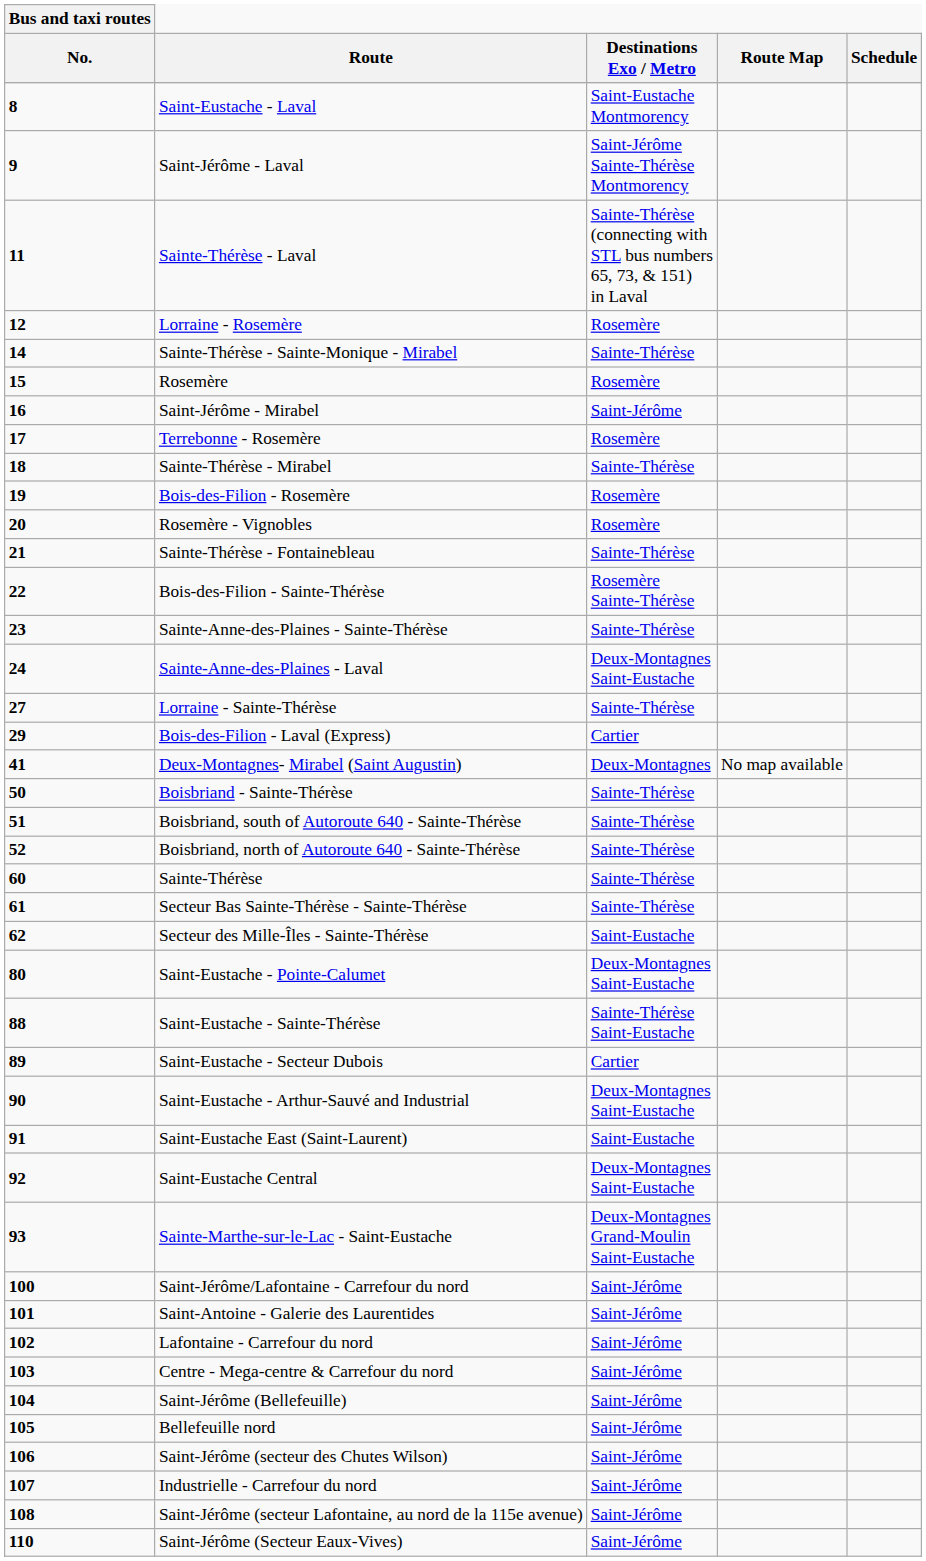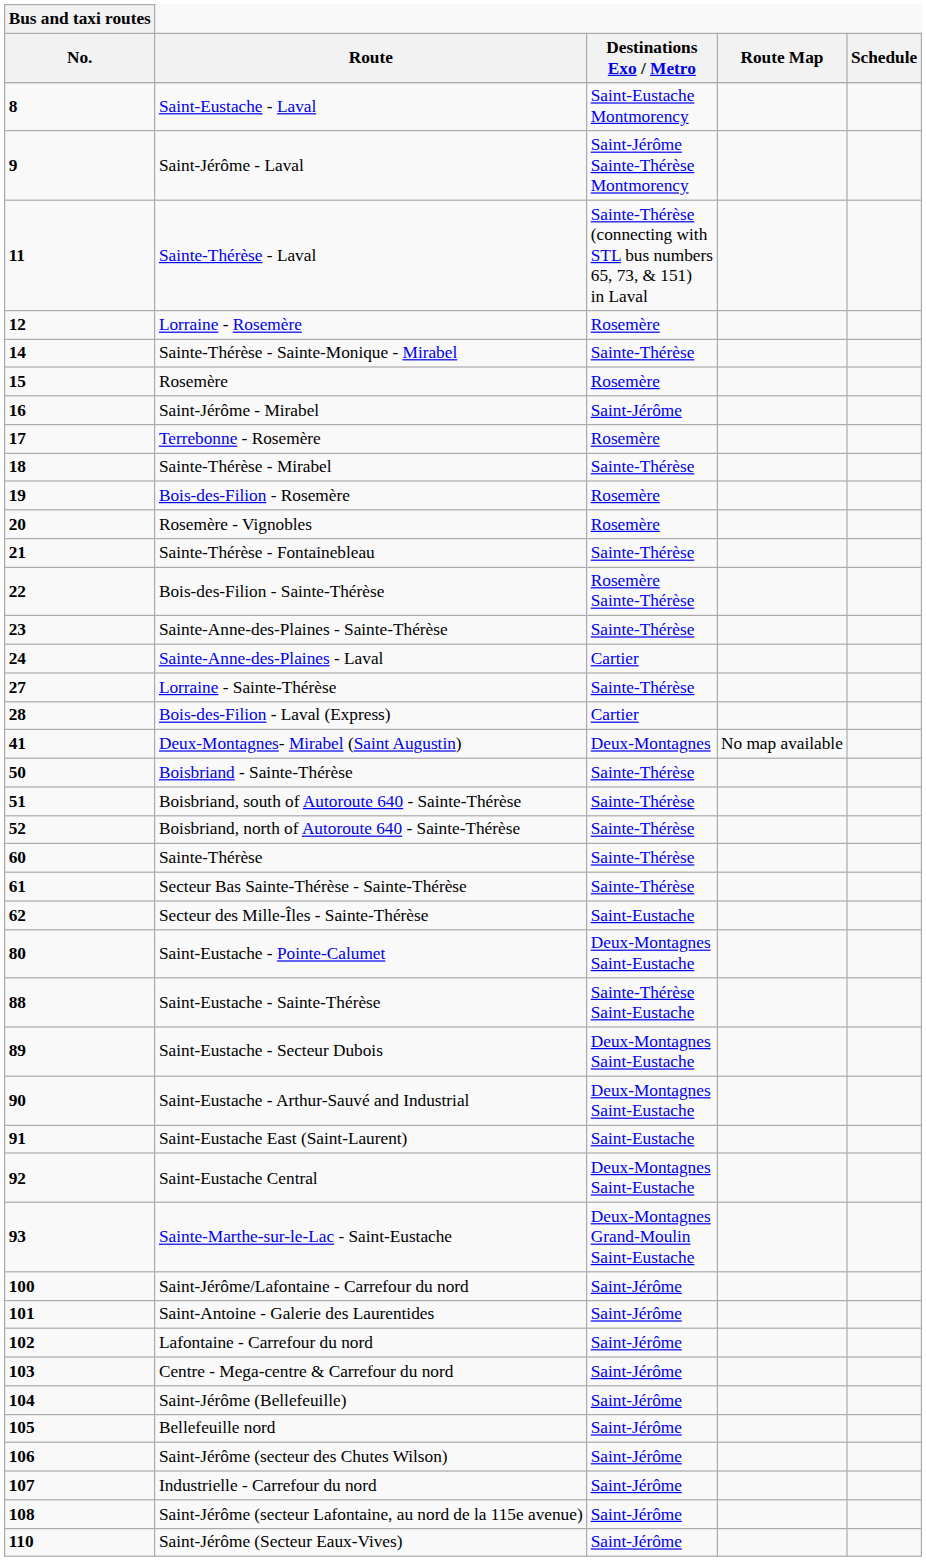 <table class="wikitable"  style="font-size:90%; border:1px;">
 <tr>
 <th style="background: #">Bus and taxi routes</th>
 </tr>
 <tr>
 <th>No.</th>
 <th>Route</th>
 <th>Destinations<br><a href='#'>Exo</a> / <a href='#'>Metro</a></th>
 <th>Route Map</th>
 <th>Schedule</th>
 </tr>
 <tr>
 </tr>
 <tr align="left">
 </tr>
 <tr>
 <td><strong>8</strong></td>
 <td><a href='#'>Saint-Eustache</a> - <a href='#'>Laval</a></td>
 <td><a href='#'>Saint-Eustache</a>  <br> <a href='#'>Montmorency</a></td>
 <td></td>
 <td></td>
 </tr>
 <tr>
 <td><strong>9</strong></td>
 <td>Saint-Jérôme - Laval</td>
 <td><a href='#'>Saint-Jérôme</a> <br><a href='#'>Sainte-Thérèse</a> <br><a href='#'>Montmorency</a></td>
 <td> <br> </td>
 <td></td>
 </tr>
 <tr>
 <td><strong>11</strong></td>
 <td><a href='#'>Sainte-Thérèse</a> - Laval</td>
 <td><a href='#'>Sainte-Thérèse</a><br>(connecting with<br><a href='#'>STL</a> bus numbers<br>65, 73, & 151)<br> in Laval</td>
 <td></td>
 <td></td>
 </tr>
 <tr>
 <td><strong>12</strong></td>
 <td><a href='#'>Lorraine</a> - <a href='#'>Rosemère</a></td>
 <td><a href='#'>Rosemère</a></td>
 <td></td>
 <td></td>
 </tr>
 <tr>
 <td><strong>14</strong></td>
 <td>Sainte-Thérèse - Sainte-Monique - <a href='#'>Mirabel</a></td>
 <td><a href='#'>Sainte-Thérèse</a></td>
 <td></td>
 <td></td>
 </tr>
 <tr>
 <td><strong>15</strong></td>
 <td>Rosemère</td>
 <td><a href='#'>Rosemère</a></td>
 <td></td>
 <td></td>
 </tr>
 <tr>
 <td><strong>16</strong></td>
 <td>Saint-Jérôme - Mirabel</td>
 <td><a href='#'>Saint-Jérôme</a></td>
 <td><br></td>
 <td></td>
 </tr>
 <tr>
 <td><strong>17</strong></td>
 <td><a href='#'>Terrebonne</a> - Rosemère</td>
 <td><a href='#'>Rosemère</a></td>
 <td></td>
 <td></td>
 </tr>
 <tr>
 <td><strong>18</strong></td>
 <td>Sainte-Thérèse - Mirabel</td>
 <td><a href='#'>Sainte-Thérèse</a></td>
 <td></td>
 <td></td>
 </tr>
 <tr>
 <td><strong>19</strong></td>
 <td><a href='#'>Bois-des-Filion</a> - Rosemère</td>
 <td><a href='#'>Rosemère</a></td>
 <td></td>
 <td></td>
 </tr>
 <tr>
 <td><strong>20</strong></td>
 <td>Rosemère - Vignobles</td>
 <td><a href='#'>Rosemère</a></td>
 <td></td>
 <td></td>
 </tr>
 <tr>
 <td><strong>21</strong></td>
 <td>Sainte-Thérèse - Fontainebleau</td>
 <td><a href='#'>Sainte-Thérèse</a></td>
 <td></td>
 <td></td>
 </tr>
 <tr>
 <td><strong>22</strong></td>
 <td>Bois-des-Filion - Sainte-Thérèse</td>
 <td><a href='#'>Rosemère</a> <br><a href='#'>Sainte-Thérèse</a></td>
 <td></td>
 <td></td>
 </tr>
 <tr>
 <td><strong>23</strong></td>
 <td>Sainte-Anne-des-Plaines - Sainte-Thérèse</td>
 <td><a href='#'>Sainte-Thérèse</a></td>
 <td></td>
 <td></td>
 </tr>
 <tr>
 <td><strong>24</strong></td>
 <td><a href='#'>Sainte-Anne-des-Plaines</a> - Laval</td>
-<td><a href='#'>Deux-Montagnes</a><br> <a href='#'>Saint-Eustache</a></td>
+<td><a href='#'>Cartier</a></td>
 <td></td>
 <td></td>
 </tr>
 <tr>
 <td><strong>27</strong></td>
 <td><a href='#'>Lorraine</a> - Sainte-Thérèse</td>
 <td><a href='#'>Sainte-Thérèse</a></td>
 <td></td>
 <td></td>
 </tr>
 <tr>
-<td><strong>29</strong></td>
+<td><strong>28</strong></td>
 <td><a href='#'>Bois-des-Filion</a> - Laval (Express)</td>
 <td><a href='#'>Cartier</a></td>
 <td></td>
 <td></td>
 </tr>
 <tr>
 <td><strong>41</strong></td>
 <td><a href='#'>Deux-Montagnes</a>- <a href='#'>Mirabel</a> (<a href='#'>Saint Augustin</a>)</td>
 <td><a href='#'>Deux-Montagnes</a></td>
 <td>No map available</td>
 <td></td>
 </tr>
 <tr>
 <td><strong>50</strong></td>
 <td><a href='#'>Boisbriand</a> - Sainte-Thérèse</td>
 <td><a href='#'>Sainte-Thérèse</a></td>
 <td></td>
 <td></td>
 </tr>
 <tr>
 <td><strong>51</strong></td>
 <td>Boisbriand, south of <a href='#'>Autoroute 640</a> - Sainte-Thérèse</td>
 <td><a href='#'>Sainte-Thérèse</a></td>
 <td></td>
 <td></td>
 </tr>
 <tr>
 <td><strong>52</strong></td>
 <td>Boisbriand, north of <a href='#'>Autoroute 640</a> - Sainte-Thérèse</td>
 <td><a href='#'>Sainte-Thérèse</a></td>
 <td></td>
 <td></td>
 </tr>
 <tr>
 <td><strong>60</strong></td>
 <td>Sainte-Thérèse</td>
 <td><a href='#'>Sainte-Thérèse</a></td>
 <td></td>
 <td></td>
 </tr>
 <tr>
 <td><strong>61</strong></td>
 <td>Secteur Bas Sainte-Thérèse - Sainte-Thérèse</td>
 <td><a href='#'>Sainte-Thérèse</a></td>
 <td></td>
 <td></td>
 </tr>
 <tr>
 <td><strong>62</strong></td>
 <td>Secteur des Mille-Îles - Sainte-Thérèse</td>
 <td><a href='#'>Saint-Eustache</a></td>
 <td></td>
 <td></td>
 </tr>
 <tr>
 <td><strong>80</strong></td>
 <td>Saint-Eustache - <a href='#'>Pointe-Calumet</a></td>
 <td><a href='#'>Deux-Montagnes</a><br><a href='#'>Saint-Eustache</a></td>
 <td></td>
 <td></td>
 </tr>
 <tr>
 <td><strong>88</strong></td>
 <td>Saint-Eustache - Sainte-Thérèse</td>
 <td><a href='#'>Sainte-Thérèse</a><br> <a href='#'>Saint-Eustache</a></td>
 <td><br></td>
 <td></td>
 </tr>
 <tr>
 <td><strong>89</strong></td>
 <td>Saint-Eustache - Secteur Dubois</td>
-<td><a href='#'>Cartier</a></td>
+<td><a href='#'>Deux-Montagnes</a><br> <a href='#'>Saint-Eustache</a></td>
 <td></td>
 <td></td>
 </tr>
 <tr>
 <td><strong>90</strong></td>
 <td>Saint-Eustache - Arthur-Sauvé and Industrial</td>
 <td><a href='#'>Deux-Montagnes</a><br> <a href='#'>Saint-Eustache</a></td>
 <td></td>
 <td></td>
 </tr>
 <tr>
 <td><strong>91</strong></td>
 <td>Saint-Eustache East (Saint-Laurent)</td>
 <td><a href='#'>Saint-Eustache</a></td>
 <td></td>
 <td></td>
 </tr>
 <tr>
 <td><strong>92</strong></td>
 <td>Saint-Eustache Central</td>
 <td><a href='#'>Deux-Montagnes</a><br> <a href='#'>Saint-Eustache</a></td>
 <td></td>
 <td></td>
 </tr>
 <tr>
 <td><strong>93</strong></td>
 <td><a href='#'>Sainte-Marthe-sur-le-Lac</a> - Saint-Eustache</td>
 <td><a href='#'>Deux-Montagnes</a><br><a href='#'>Grand-Moulin</a><br> <a href='#'>Saint-Eustache</a></td>
 <td></td>
 <td></td>
 </tr>
 <tr>
 <td><strong>100</strong></td>
 <td>Saint-Jérôme/Lafontaine - Carrefour du nord</td>
 <td><a href='#'>Saint-Jérôme</a></td>
 <td></td>
 <td></td>
 </tr>
 <tr>
 <td><strong>101</strong></td>
 <td>Saint-Antoine - Galerie des Laurentides</td>
 <td><a href='#'>Saint-Jérôme</a></td>
 <td></td>
 <td></td>
 </tr>
 <tr>
 <td><strong>102</strong></td>
 <td>Lafontaine - Carrefour du nord</td>
 <td><a href='#'>Saint-Jérôme</a></td>
 <td></td>
 <td></td>
 </tr>
 <tr>
 <td><strong>103</strong></td>
 <td>Centre - Mega-centre & Carrefour du nord</td>
 <td><a href='#'>Saint-Jérôme</a></td>
 <td></td>
 <td></td>
 </tr>
 <tr>
 <td><strong>104</strong></td>
 <td>Saint-Jérôme (Bellefeuille)</td>
 <td><a href='#'>Saint-Jérôme</a></td>
 <td></td>
 <td></td>
 </tr>
 <tr>
 <td><strong>105</strong></td>
 <td>Bellefeuille nord</td>
 <td><a href='#'>Saint-Jérôme</a></td>
 <td></td>
 <td></td>
 </tr>
 <tr>
 <td><strong>106</strong></td>
 <td>Saint-Jérôme (secteur des Chutes Wilson)</td>
 <td><a href='#'>Saint-Jérôme</a></td>
 <td></td>
 <td></td>
 </tr>
 <tr>
 <td><strong>107</strong></td>
 <td>Industrielle - Carrefour du nord</td>
 <td><a href='#'>Saint-Jérôme</a></td>
 <td></td>
 <td></td>
 </tr>
 <tr>
 <td><strong>108</strong></td>
 <td>Saint-Jérôme (secteur Lafontaine, au nord de la 115e avenue)</td>
 <td><a href='#'>Saint-Jérôme</a></td>
 <td></td>
 <td></td>
 </tr>
 <tr>
 <td><strong>110</strong></td>
 <td>Saint-Jérôme (Secteur Eaux-Vives)</td>
 <td><a href='#'>Saint-Jérôme</a></td>
 <td></td>
 <td></td>
 </tr>
 </table>
